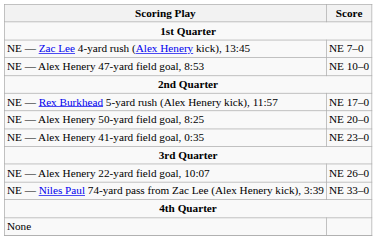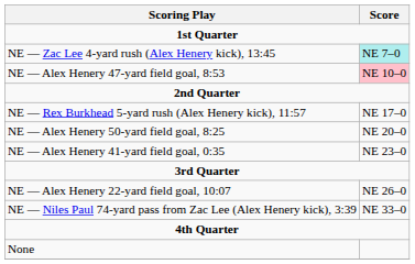 <table class="wikitable">
 <tr>
 <th>Scoring Play</th>
 <th>Score</th>
 </tr>
 <tr>
 <td colspan="4" align="center"><strong>1st Quarter</strong></td>
 </tr>
 <tr>
 <td>NE — <a href='#'>Zac Lee</a> 4-yard rush (<a href='#'>Alex Henery</a> kick), 13:45</td>
-<td>NE 7–0</td>
+<td style="background: paleturquoise;">NE 7–0</td>
 </tr>
 <tr>
 <td>NE — Alex Henery 47-yard field goal, 8:53</td>
-<td>NE 10–0</td>
+<td style="background: pink;">NE 10–0</td>
 </tr>
 <tr>
 <td colspan="4" align="center"><strong>2nd Quarter</strong></td>
 </tr>
 <tr>
 <td>NE — <a href='#'>Rex Burkhead</a> 5-yard rush (Alex Henery kick), 11:57</td>
 <td>NE 17–0</td>
 </tr>
 <tr>
 <td>NE — Alex Henery 50-yard field goal, 8:25</td>
 <td>NE 20–0</td>
 </tr>
 <tr>
 <td>NE — Alex Henery 41-yard field goal, 0:35</td>
 <td>NE 23–0</td>
 </tr>
 <tr>
 <td colspan="4" align="center"><strong>3rd Quarter</strong></td>
 </tr>
 <tr>
 <td>NE — Alex Henery 22-yard field goal, 10:07</td>
 <td>NE 26–0</td>
 </tr>
 <tr>
 <td>NE — <a href='#'>Niles Paul</a> 74-yard pass from Zac Lee (Alex Henery kick), 3:39</td>
 <td>NE 33–0</td>
 </tr>
 <tr>
 <td colspan="4" align="center"><strong>4th Quarter</strong></td>
 </tr>
 <tr>
 <td>None</td>
 <td></td>
 </tr>
 <tr>
 </tr>
 </table>
